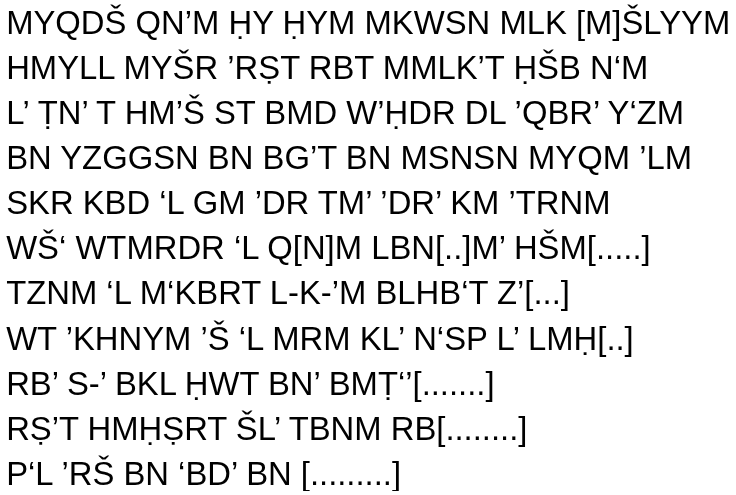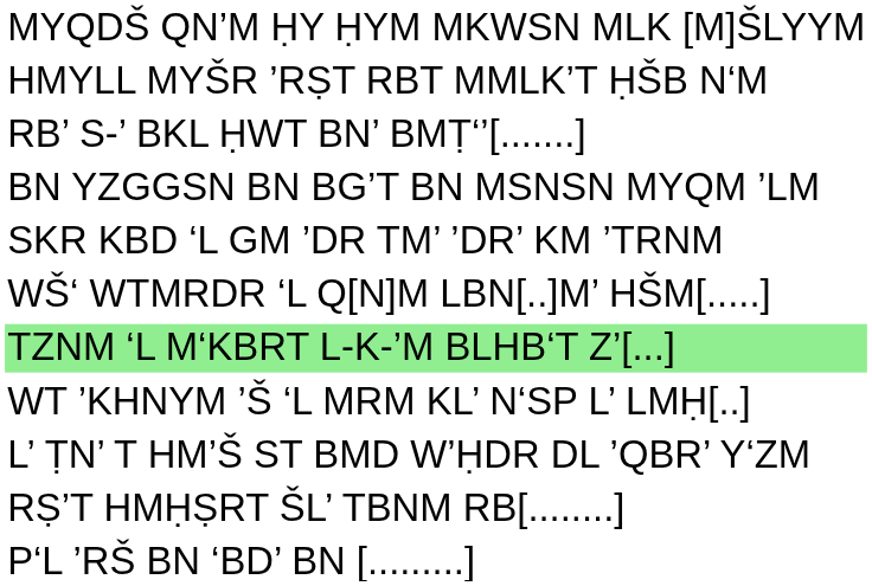 <table>
 <tr>
 <td>MYQDŠ QN’M ḤY ḤYM MKWSN MLK [M]ŠLYYM</td>
 </tr>
 <tr>
 <td>HMYLL MYŠR ’RṢT RBT MMLK’T ḤŠB N‘M</td>
 </tr>
 <tr>
-<td>L’ ṬN’ T HM’Š ST BMD W’ḤDR DL ’QBR’ Y‘ZM</td>
+<td>RB’ S-’ BKL ḤWT BN’ BMṬ‘’[.......]</td>
 </tr>
 <tr>
 <td>BN YZGGSN BN BG’T BN MSNSN MYQM ’LM</td>
 </tr>
 <tr>
 <td>SKR KBD ‘L GM ’DR TM’ ’DR’ KM ’TRNM</td>
 </tr>
 <tr>
 <td>WŠ‘ WTMRDR ‘L Q[N]M LBN[..]M’ HŠM[.....]</td>
 </tr>
 <tr>
-<td>TZNM ‘L M‘KBRT L-K-’M BLHB‘T Z’[...]</td>
+<td style="background: lightgreen;">TZNM ‘L M‘KBRT L-K-’M BLHB‘T Z’[...]</td>
 </tr>
 <tr>
 <td>WT ’KHNYM ’Š ‘L MRM KL’ N‘SP L’ LMḤ[..]</td>
 </tr>
 <tr>
-<td>RB’ S-’ BKL ḤWT BN’ BMṬ‘’[.......]</td>
+<td>L’ ṬN’ T HM’Š ST BMD W’ḤDR DL ’QBR’ Y‘ZM</td>
 </tr>
 <tr>
 <td>RṢ’T HMḤṢRT ŠL’ TBNM RB[........]</td>
 </tr>
 <tr>
 <td>P‘L ’RŠ BN ‘BD’ BN [.........]</td>
 </tr>
 </table>
